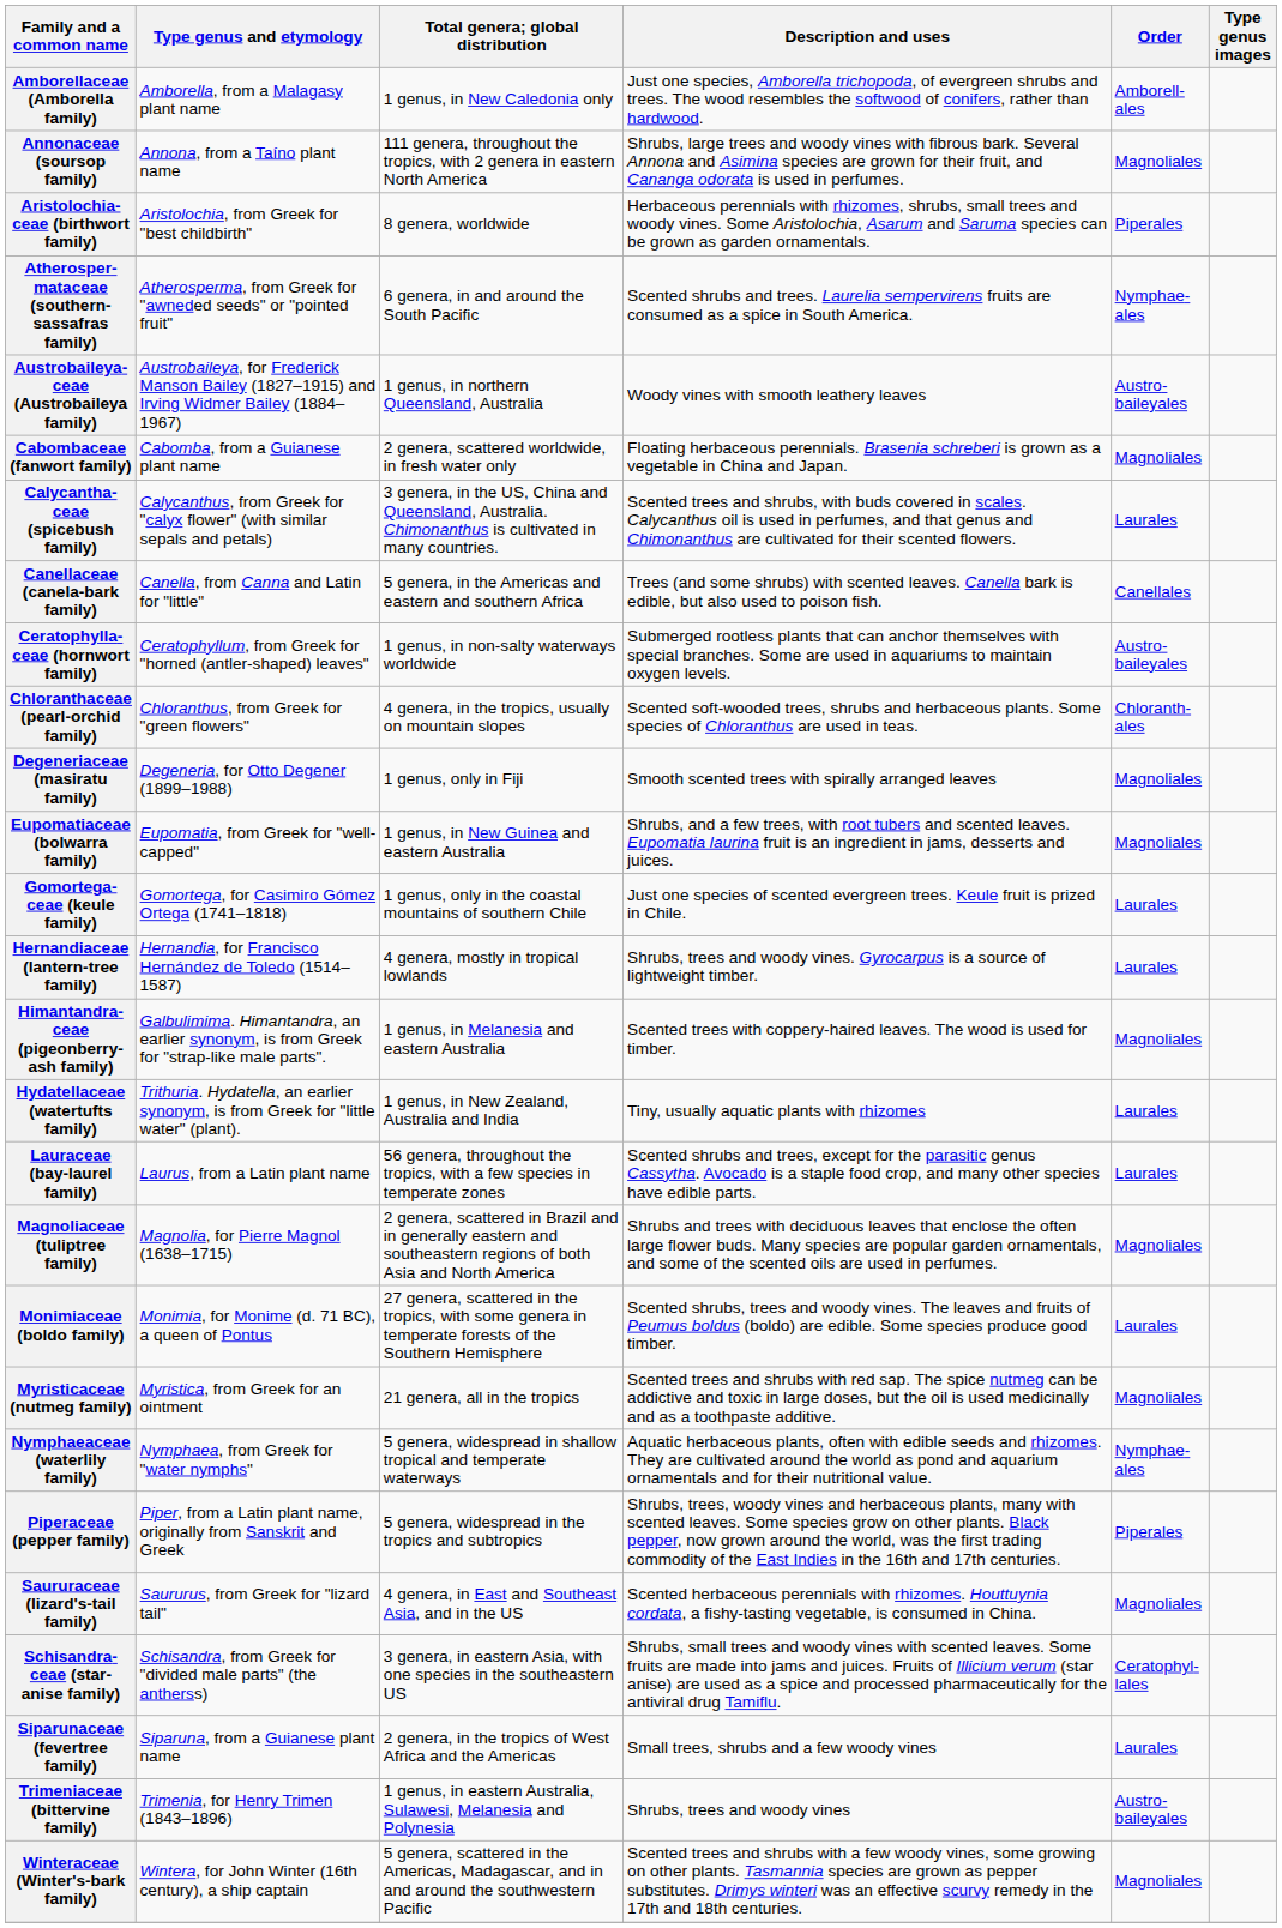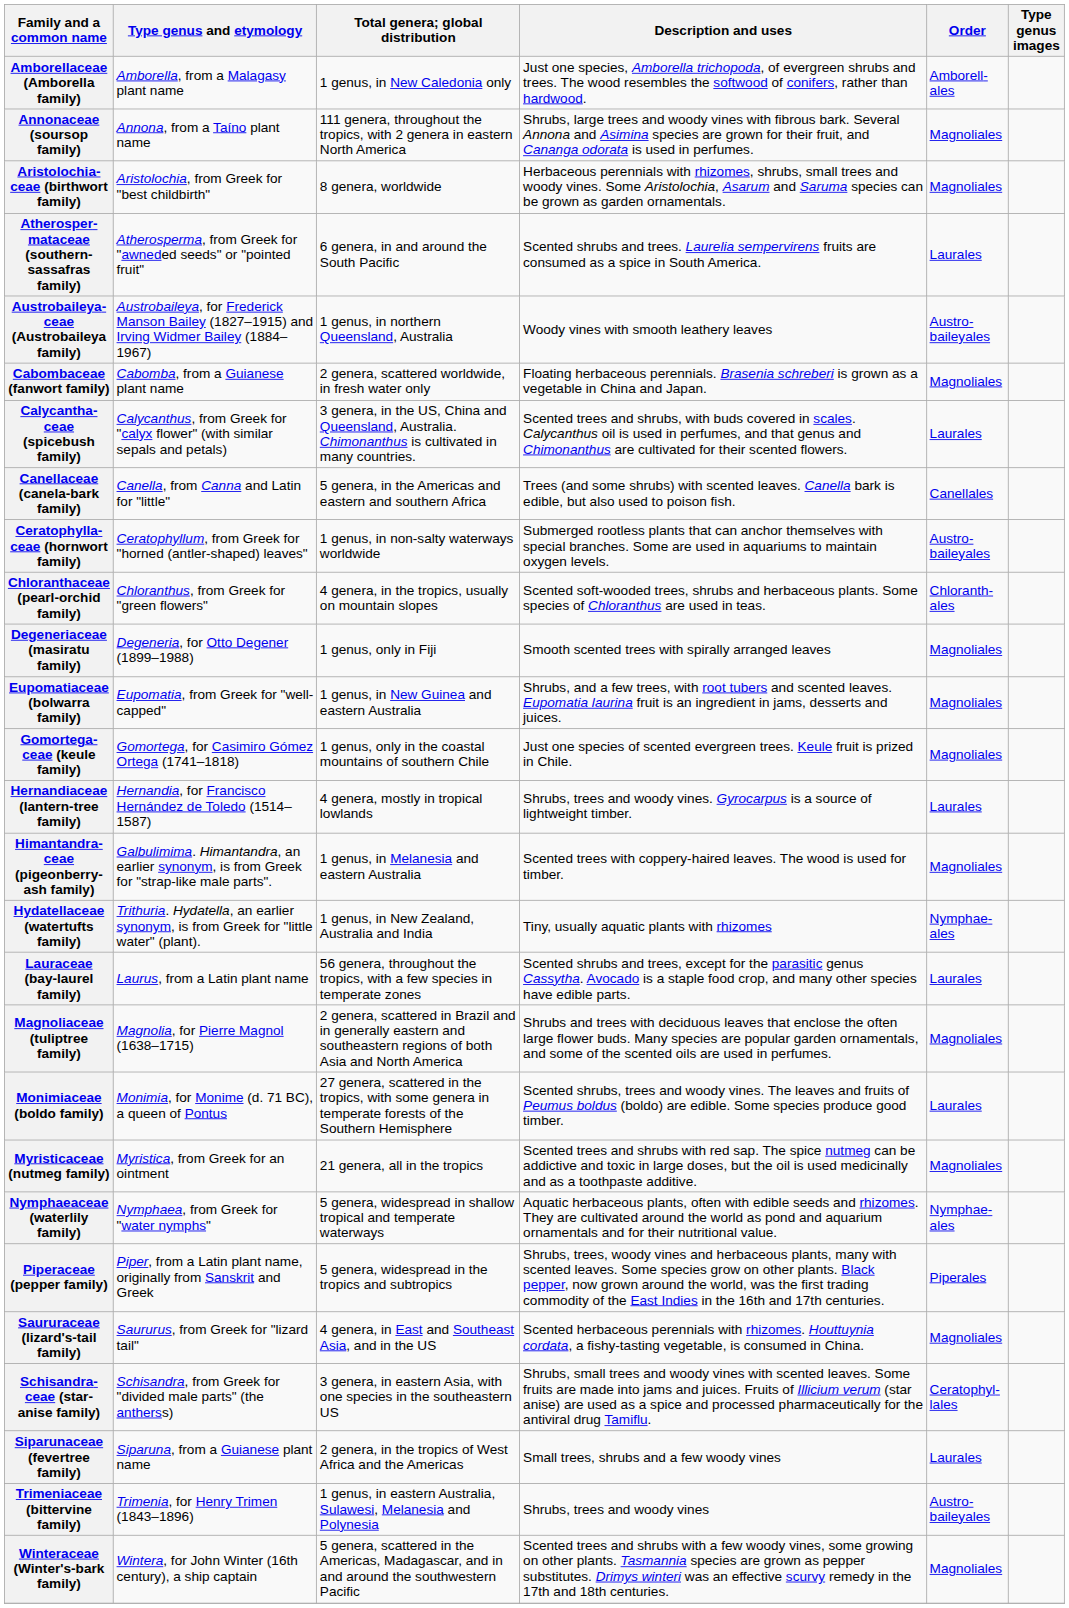 <table class="sortable wikitable plainrowheaders">
 <tr>
 <th scope="col" width="1%">Family and a <a href='#'>common name</a></th>
 <th scope="col" width="15%"><a href='#'>Type genus</a> and <a href='#'>etymology</a></th>
 <th scope="col" width="15%">Total genera; global distribution</th>
 <th scope="col" class=unsortable width="30%" style="min-width:160px;">Description and uses</th>
 <th scope="col" width="1%"><a href='#'>Order</a></th>
 <th scope="col" width="1%">Type genus images</th>
 </tr>
 <tr>
 <th scope="row"><a href='#'>Amborellaceae</a> (Amborella family)</th>
 <td><em><a href='#'>Amborella</a></em>, from a <a href='#'>Malagasy</a> plant name</td>
 <td>1 genus, in <a href='#'>New Caledonia</a> only</td>
 <td>Just one species, <em><a href='#'>Amborella trichopoda</a></em>, of evergreen shrubs and trees. The wood resembles the <a href='#'>softwood</a> of <a href='#'>conifers</a>, rather than <a href='#'>hardwood</a>.</td>
 <td><a href='#'>Amborell­ales</a></td>
 <td></td>
 </tr>
 <tr>
 <th scope="row"><a href='#'>Annonaceae</a> (soursop family)</th>
 <td><em><a href='#'>Annona</a></em>, from a <a href='#'>Taíno</a> plant name</td>
 <td>111 genera, throughout the tropics, with 2 genera in eastern North America</td>
 <td>Shrubs, large trees and woody vines with fibrous bark. Several <em>Annona</em> and <em><a href='#'>Asimina</a></em> species are grown for their fruit, and <em><a href='#'>Cananga odorata</a></em> is used in perfumes.</td>
 <td><a href='#'>Magnoliales</a></td>
 <td></td>
 </tr>
 <tr>
 <th scope="row"><a href='#'>Aristolochia­ceae</a> (birthwort family)</th>
 <td><em><a href='#'>Aristolochia</a></em>, from Greek for "best childbirth"</td>
 <td>8 genera, worldwide</td>
 <td>Herbaceous perennials with <a href='#'>rhizomes</a>, shrubs, small trees and woody vines. Some <em>Aristolochia</em>, <em><a href='#'>Asarum</a></em> and <em><a href='#'>Saruma</a></em> species can be grown as garden ornamentals.</td>
-<td><a href='#'>Piperales</a></td>
+<td><a href='#'>Magnoliales</a></td>
 <td></td>
 </tr>
 <tr>
 <th scope="row"><a href='#'>Atherosper­mataceae</a> (southern-sassafras family)</th>
 <td><em><a href='#'>Atherosperma</a></em>, from Greek for "<a href='#'>awned</a>ed seeds" or "pointed fruit"</td>
 <td>6 genera, in and around the South Pacific</td>
 <td>Scented shrubs and trees. <em><a href='#'>Laurelia sempervirens</a></em> fruits are consumed as a spice in South America.</td>
-<td><a href='#'>Nymphae­ales</a></td>
+<td><a href='#'>Laurales</a></td>
 <td></td>
 </tr>
 <tr>
 <th scope="row"><a href='#'>Austrobaileya­ceae</a> (Austrobaileya family)</th>
 <td><em><a href='#'>Austrobaileya</a></em>, for <a href='#'>Frederick Manson Bailey</a> (1827–1915) and <a href='#'>Irving Widmer Bailey</a> (1884–1967)</td>
 <td>1 genus, in northern <a href='#'>Queensland</a>, Australia</td>
 <td>Woody vines with smooth leathery leaves</td>
 <td><a href='#'>Austro­baileyales</a></td>
 <td></td>
 </tr>
 <tr>
 <th scope="row"><a href='#'>Cabombaceae</a> (fanwort family)</th>
 <td><em><a href='#'>Cabomba</a></em>, from a <a href='#'>Guianese</a> plant name</td>
 <td>2 genera, scattered worldwide, in fresh water only</td>
 <td>Floating herbaceous perennials. <em><a href='#'>Brasenia schreberi</a></em> is grown as a vegetable in China and Japan.</td>
 <td><a href='#'>Magnoliales</a></td>
 <td></td>
 </tr>
 <tr>
 <th scope="row"><a href='#'>Calycantha­ceae</a> (spicebush family)</th>
 <td><em><a href='#'>Calycanthus</a></em>, from Greek for "<a href='#'>calyx</a> flower" (with similar sepals and petals)</td>
 <td>3 genera, in the US, China and <a href='#'>Queensland</a>, Australia. <em><a href='#'>Chimonanthus</a></em> is cultivated in many countries.</td>
 <td>Scented trees and shrubs, with buds covered in <a href='#'>scales</a>. <em>Calycanthus</em> oil is used in perfumes, and that genus and <em><a href='#'>Chimonanthus</a></em> are cultivated for their scented flowers.</td>
 <td><a href='#'>Laurales</a></td>
 <td></td>
 </tr>
 <tr>
 <th scope="row"><a href='#'>Canellaceae</a> (canela-bark family)</th>
 <td><em><a href='#'>Canella</a></em>, from <a href='#'><em>Canna</em></a> and Latin for "little"</td>
 <td>5 genera, in the Americas and eastern and southern Africa</td>
 <td>Trees (and some shrubs) with scented leaves. <em><a href='#'>Canella</a></em> bark is edible, but also used to poison fish.</td>
 <td><a href='#'>Canellales</a></td>
 <td></td>
 </tr>
 <tr>
 <th scope="row"><a href='#'>Ceratophylla­ceae</a> (hornwort family)</th>
 <td><em><a href='#'>Ceratophyllum</a></em>, from Greek for "horned (antler-shaped) leaves"</td>
 <td>1 genus, in non-salty waterways worldwide</td>
 <td>Submerged rootless plants that can anchor themselves with special branches. Some are used in aquariums to maintain oxygen levels.</td>
 <td><a href='#'>Austro­baileyales</a></td>
 <td></td>
 </tr>
 <tr>
 <th scope="row"><a href='#'>Chlorantha­ceae</a> (pearl-orchid family)</th>
 <td><em><a href='#'>Chloranthus</a></em>, from Greek for "green flowers"</td>
 <td>4 genera, in the tropics, usually on mountain slopes</td>
 <td>Scented soft-wooded trees, shrubs and herbaceous plants. Some species of <em><a href='#'>Chloranthus</a></em> are used in teas.</td>
 <td><a href='#'>Chloranth­ales</a></td>
 <td></td>
 </tr>
 <tr>
 <th scope="row"><a href='#'>Degeneriaceae</a> (masiratu family)</th>
 <td><em><a href='#'>Degeneria</a></em>, for <a href='#'>Otto Degener</a> (1899–1988)</td>
 <td>1 genus, only in Fiji</td>
 <td>Smooth scented trees with spirally arranged leaves</td>
 <td><a href='#'>Magnoliales</a></td>
 <td></td>
 </tr>
 <tr>
 <th scope="row"><a href='#'>Eupomatiaceae</a> (bolwarra family)</th>
 <td><em><a href='#'>Eupomatia</a></em>, from Greek for "well-capped"</td>
 <td>1 genus, in <a href='#'>New Guinea</a> and eastern Australia</td>
 <td>Shrubs, and a few trees, with <a href='#'>root tubers</a> and scented leaves. <em><a href='#'>Eupomatia laurina</a></em> fruit is an ingredient in jams, desserts and juices.</td>
 <td><a href='#'>Magnoliales</a></td>
 <td></td>
 </tr>
 <tr>
 <th scope="row"><a href='#'>Gomortega­ceae</a> (keule family)</th>
 <td><em><a href='#'>Gomortega</a></em>, for <a href='#'>Casimiro Gómez Ortega</a> (1741–1818)</td>
 <td>1 genus, only in the coastal mountains of southern Chile</td>
 <td>Just one species of scented evergreen trees. <a href='#'>Keule</a> fruit is prized in Chile.</td>
-<td><a href='#'>Laurales</a></td>
+<td><a href='#'>Magnoliales</a></td>
 <td></td>
 </tr>
 <tr>
 <th scope="row"><a href='#'>Hernandiaceae</a> (lantern-tree family)</th>
 <td><em><a href='#'>Hernandia</a></em>, for <a href='#'>Francisco Hernández de Toledo</a> (1514–1587)</td>
 <td>4 genera, mostly in tropical lowlands</td>
 <td>Shrubs, trees and woody vines. <em><a href='#'>Gyrocarpus</a></em> is a source of lightweight timber.</td>
 <td><a href='#'>Laurales</a></td>
 <td></td>
 </tr>
 <tr>
 <th scope="row"><a href='#'>Himantandra­ceae</a> (pigeonberry-ash family)</th>
 <td><em><a href='#'>Galbulimima</a></em>. <em>Himantandra</em>, an earlier <a href='#'>synonym</a>, is from Greek for "strap-like male parts".</td>
 <td>1 genus, in <a href='#'>Melanesia</a> and eastern Australia</td>
 <td>Scented trees with coppery-haired leaves. The wood is used for timber.</td>
 <td><a href='#'>Magnoliales</a></td>
 <td></td>
 </tr>
 <tr>
 <th scope="row"><a href='#'>Hydatellaceae</a> (watertufts family)</th>
 <td><em><a href='#'>Trithuria</a></em>. <em>Hydatella</em>, an earlier <a href='#'>synonym</a>, is from Greek for "little water" (plant).</td>
 <td>1 genus, in New Zealand, Australia and India</td>
 <td>Tiny, usually aquatic plants with <a href='#'>rhizomes</a></td>
-<td><a href='#'>Laurales</a></td>
+<td><a href='#'>Nymphae­ales</a></td>
 <td></td>
 </tr>
 <tr>
 <th scope="row"><a href='#'>Lauraceae</a> (bay-laurel family)</th>
 <td><em><a href='#'>Laurus</a></em>, from a Latin plant name</td>
 <td>56 genera, throughout the tropics, with a few species in temperate zones</td>
 <td>Scented shrubs and trees, except for the <a href='#'>parasitic</a> genus <em><a href='#'>Cassytha</a></em>. <a href='#'>Avocado</a> is a staple food crop, and many other species have edible parts.</td>
 <td><a href='#'>Laurales</a></td>
 <td></td>
 </tr>
 <tr>
 <th scope="row"><a href='#'>Magnoliaceae</a> (tuliptree family)</th>
 <td><em><a href='#'>Magnolia</a></em>, for <a href='#'>Pierre Magnol</a> (1638–1715)</td>
 <td>2 genera, scattered in Brazil and in generally eastern and southeastern regions of both Asia and North America</td>
 <td>Shrubs and trees with deciduous leaves that enclose the often large flower buds. Many species are popular garden ornamentals, and some of the scented oils are used in perfumes.</td>
 <td><a href='#'>Magnoliales</a></td>
 <td></td>
 </tr>
 <tr>
 <th scope="row"><a href='#'>Monimiaceae</a> (boldo family)</th>
 <td><em><a href='#'>Monimia</a></em>, for <a href='#'>Monime</a> (d. 71 BC), a queen of <a href='#'>Pontus</a></td>
 <td>27 genera, scattered in the tropics, with some genera in temperate forests of the Southern Hemisphere</td>
 <td>Scented shrubs, trees and woody vines. The leaves and fruits of <em><a href='#'>Peumus boldus</a></em> (boldo) are edible. Some species produce good timber.</td>
 <td><a href='#'>Laurales</a></td>
 <td></td>
 </tr>
 <tr>
 <th scope="row"><a href='#'>Myristicaceae</a> (nutmeg family)</th>
 <td><em><a href='#'>Myristica</a></em>, from Greek for an ointment</td>
 <td>21 genera, all in the tropics</td>
 <td>Scented trees and shrubs with red sap. The spice <a href='#'>nutmeg</a> can be addictive and toxic in large doses, but the oil is used medicinally and as a toothpaste additive.</td>
 <td><a href='#'>Magnoliales</a></td>
 <td></td>
 </tr>
 <tr>
 <th scope="row"><a href='#'>Nymphaea­ceae</a> (waterlily family)</th>
 <td><em><a href='#'>Nymphaea</a></em>, from Greek for "<a href='#'>water nymphs</a>"</td>
 <td>5 genera, widespread in shallow tropical and temperate waterways</td>
 <td>Aquatic herbaceous plants, often with edible seeds and <a href='#'>rhizomes</a>. They are cultivated around the world as pond and aquarium ornamentals and for their nutritional value.</td>
 <td><a href='#'>Nymphae­ales</a></td>
 <td></td>
 </tr>
 <tr>
 <th scope="row"><a href='#'>Piperaceae</a> (pepper family)</th>
 <td><em><a href='#'>Piper</a></em>, from a Latin plant name, originally from <a href='#'>Sanskrit</a> and Greek</td>
 <td>5 genera, widespread in the tropics and subtropics</td>
 <td>Shrubs, trees, woody vines and herbaceous plants, many with scented leaves. Some species grow on other plants. <a href='#'>Black pepper</a>, now grown around the world, was the first trading commodity of the <a href='#'>East Indies</a> in the 16th and 17th centuries.</td>
 <td><a href='#'>Piperales</a></td>
 <td></td>
 </tr>
 <tr>
 <th scope="row"><a href='#'>Saururaceae</a> (lizard's-tail family)</th>
 <td><em><a href='#'>Saururus</a></em>, from Greek for "lizard tail"</td>
 <td>4 genera, in <a href='#'>East</a> and <a href='#'>Southeast Asia</a>, and in the US</td>
 <td>Scented herbaceous perennials with <a href='#'>rhizomes</a>. <em><a href='#'>Houttuynia cordata</a></em>, a fishy-tasting vegetable, is consumed in China.</td>
 <td><a href='#'>Magnoliales</a></td>
 <td></td>
 </tr>
 <tr>
 <th scope="row"><a href='#'>Schisandra­ceae</a> (star-anise family)</th>
 <td><em><a href='#'>Schisandra</a></em>, from Greek for "divided male parts" (the <a href='#'>anthers</a>s)</td>
 <td>3 genera, in eastern Asia, with one species in the southeastern US</td>
 <td>Shrubs, small trees and woody vines with scented leaves. Some fruits are made into jams and juices. Fruits of <em><a href='#'>Illicium verum</a></em> (star anise) are used as a spice and processed pharmaceutically for the antiviral drug <a href='#'>Tamiflu</a>.</td>
 <td><a href='#'>Ceratophyl­lales</a></td>
 <td></td>
 </tr>
 <tr>
 <th scope="row"><a href='#'>Siparunaceae</a> (fevertree family)</th>
 <td><em><a href='#'>Siparuna</a></em>, from a <a href='#'>Guianese</a> plant name</td>
 <td>2 genera, in the tropics of West Africa and the Americas</td>
 <td>Small trees, shrubs and a few woody vines</td>
 <td><a href='#'>Laurales</a></td>
 <td></td>
 </tr>
 <tr>
 <th scope="row"><a href='#'>Trimeniaceae</a> (bittervine family)</th>
 <td><em><a href='#'>Trimenia</a></em>, for <a href='#'>Henry Trimen</a> (1843–1896)</td>
 <td>1 genus, in eastern Australia, <a href='#'>Sulawesi</a>, <a href='#'>Melanesia</a> and <a href='#'>Polynesia</a></td>
 <td>Shrubs, trees and woody vines</td>
 <td><a href='#'>Austro­baileyales</a></td>
 <td></td>
 </tr>
 <tr>
 <th scope="row"><a href='#'>Winteraceae</a> (Winter's-bark family)</th>
 <td><em><a href='#'>Wintera</a></em>, for John Winter (16th century), a ship captain</td>
 <td>5 genera, scattered in the Americas, Madagascar, and in and around the southwestern Pacific</td>
 <td>Scented trees and shrubs with a few woody vines, some growing on other plants. <em><a href='#'>Tasmannia</a></em> species are grown as pepper substitutes. <em><a href='#'>Drimys winteri</a></em> was an effective <a href='#'>scurvy</a> remedy in the 17th and 18th centuries.</td>
 <td><a href='#'>Magnoliales</a></td>
 <td></td>
 </tr>
 <tr>
 </tr>
 </table>
